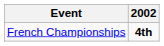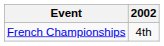 <table class="wikitable" style="text-align:center">
 <tr>
 <th>Event</th>
 <th>2002</th>
 </tr>
 <tr>
 <td align=left><a href='#'>French Championships</a></td>
-<td><strong>4th</strong></td>
+<td>4th</td>
 </tr>
 </table>
